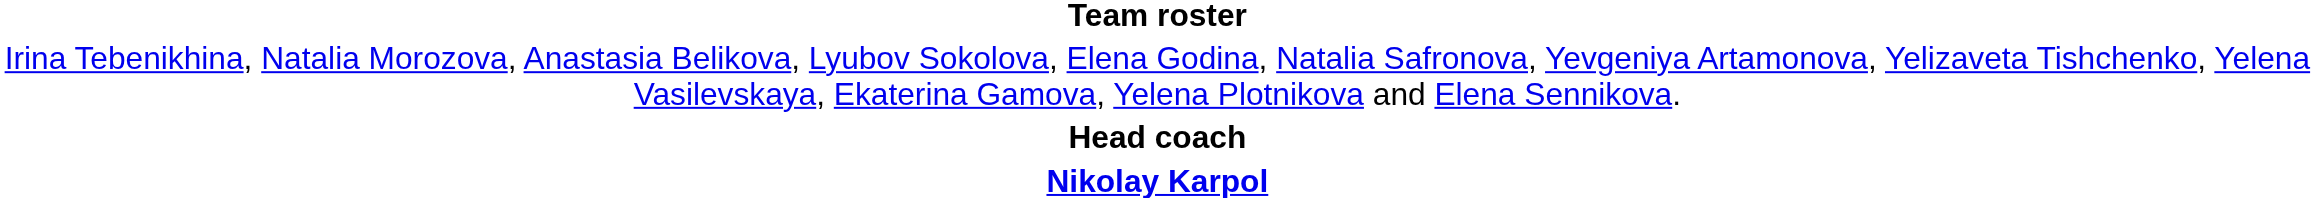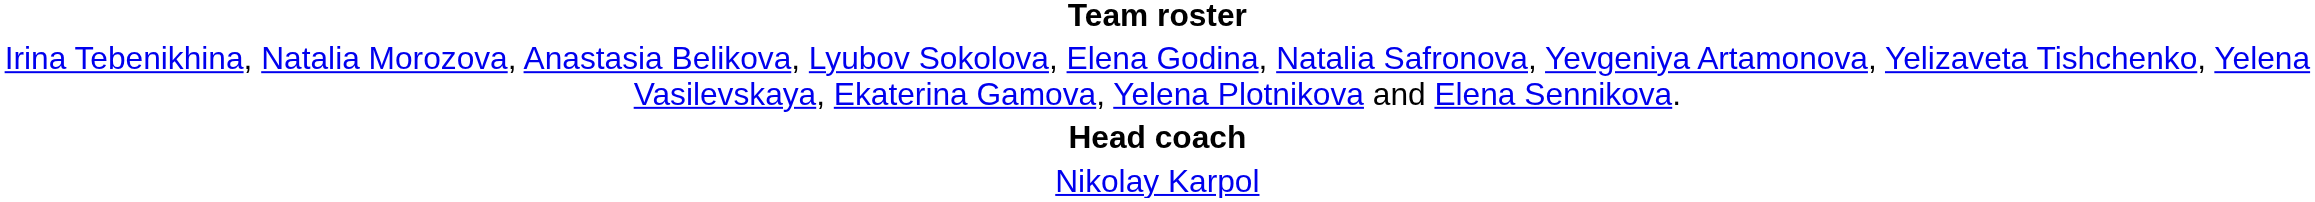 <table style="text-align:center;margin-top:2em;margin-left:auto;margin-right:auto">
 <tr>
 <td><strong>Team roster</strong></td>
 </tr>
 <tr>
 <td><a href='#'>Irina Tebenikhina</a>, <a href='#'>Natalia Morozova</a>, <a href='#'>Anastasia Belikova</a>, <a href='#'>Lyubov Sokolova</a>, <a href='#'>Elena Godina</a>, <a href='#'>Natalia Safronova</a>, <a href='#'>Yevgeniya Artamonova</a>, <a href='#'>Yelizaveta Tishchenko</a>, <a href='#'>Yelena Vasilevskaya</a>, <a href='#'>Ekaterina Gamova</a>, <a href='#'>Yelena Plotnikova</a> and <a href='#'>Elena Sennikova</a>.</td>
 </tr>
 <tr>
 <td><strong>Head coach</strong></td>
 </tr>
 <tr>
-<td><strong><a href='#'>Nikolay Karpol</a></strong></td>
+<td><a href='#'>Nikolay Karpol</a></td>
 </tr>
 </table>
